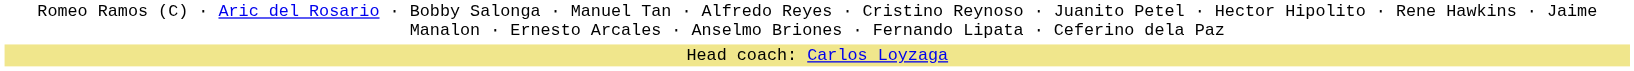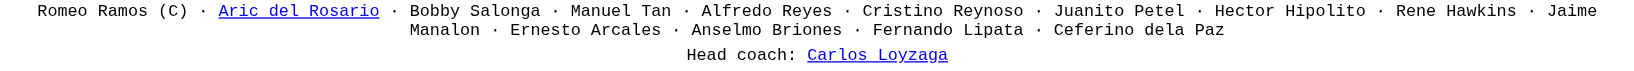 <table class="toccolours" style="margin:0.2em auto">
 <tr align=center>
 <td>Romeo Ramos (C) ∙ <a href='#'>Aric del Rosario</a> ∙ Bobby Salonga ∙ Manuel Tan ∙ Alfredo Reyes ∙ Cristino Reynoso ∙ Juanito Petel ∙ Hector Hipolito ∙ Rene Hawkins ∙ Jaime Manalon ∙ Ernesto Arcales ∙ Anselmo Briones ∙ Fernando Lipata ∙ Ceferino dela Paz</td>
 </tr>
 <tr align=center>
-<td style="background: khaki;">Head coach: <a href='#'>Carlos Loyzaga</a></td>
+<td>Head coach: <a href='#'>Carlos Loyzaga</a></td>
 </tr>
 </table>
